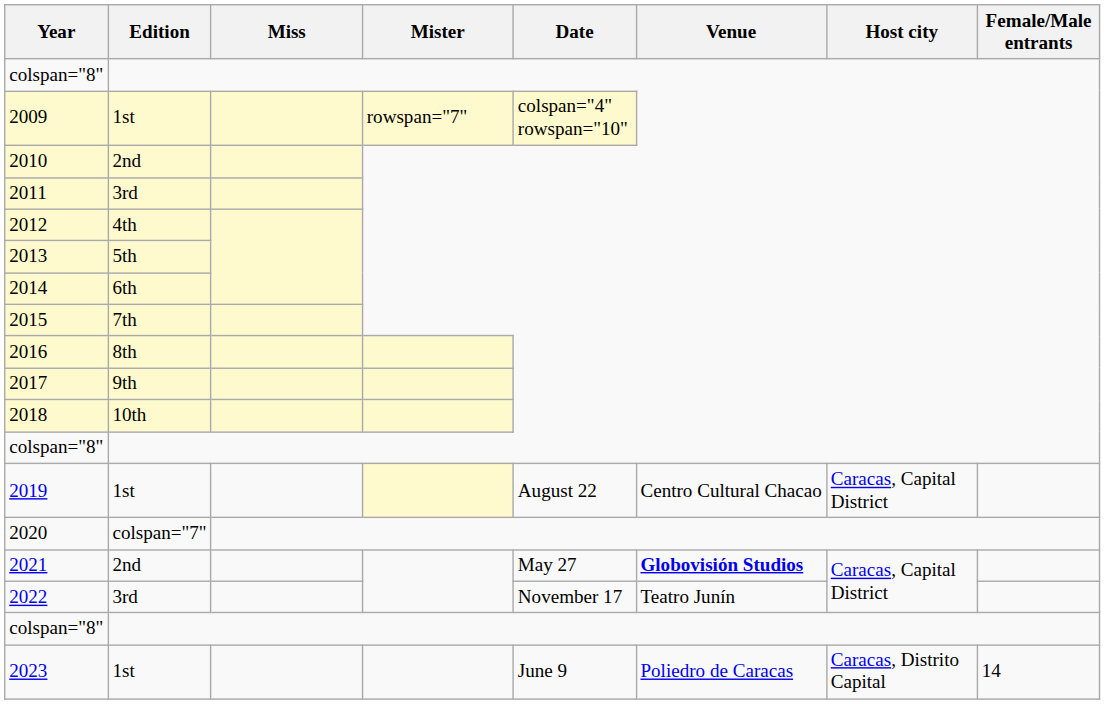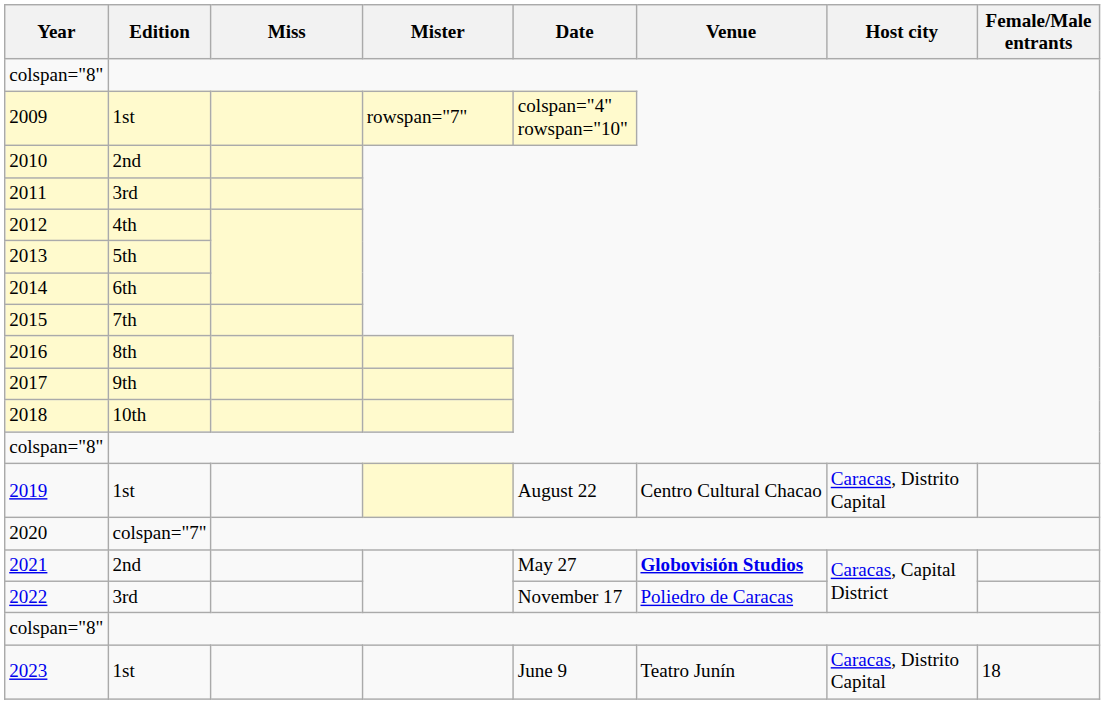 <table class="wikitable sortable" style="font-size: 84%;">
 <tr bgcolor="efefef">
 <th>Year</th>
 <th>Edition</th>
 <th width="100">Miss</th>
 <th width="100">Mister</th>
 <th width="80">Date</th>
 <th>Venue</th>
 <th width="100">Host city</th>
 <th width="80">Female/Male entrants</th>
 </tr>
 <tr>
 <td>colspan="8" </td>
 </tr>
 <tr bgcolor="FFFACD">
 <td>2009</td>
 <td>1st</td>
 <td></td>
 <td>rowspan="7" </td>
 <td>colspan="4" rowspan="10" </td>
 </tr>
 <tr bgcolor="FFFACD">
 <td>2010</td>
 <td>2nd</td>
 <td></td>
 </tr>
 <tr bgcolor="FFFACD">
 <td>2011</td>
 <td>3rd</td>
 <td></td>
 </tr>
 <tr bgcolor="FFFACD">
 <td>2012</td>
 <td>4th</td>
 <td rowspan="3"></td>
 </tr>
 <tr bgcolor="FFFACD">
 <td>2013</td>
 <td>5th</td>
 </tr>
 <tr bgcolor="FFFACD">
 <td>2014</td>
 <td>6th</td>
 </tr>
 <tr bgcolor="FFFACD">
 <td>2015</td>
 <td>7th</td>
 <td></td>
 </tr>
 <tr bgcolor="FFFACD">
 <td>2016</td>
 <td>8th</td>
 <td></td>
 <td></td>
 </tr>
 <tr bgcolor="FFFACD">
 <td>2017</td>
 <td>9th</td>
 <td></td>
 <td></td>
 </tr>
 <tr bgcolor="FFFACD">
 <td>2018</td>
 <td>10th</td>
 <td></td>
 <td></td>
 </tr>
 <tr>
 <td>colspan="8" </td>
 </tr>
 <tr>
 <td><a href='#'>2019</a></td>
 <td>1st</td>
 <td></td>
 <td bgcolor="FFFACD"></td>
 <td>August 22</td>
 <td>Centro Cultural Chacao</td>
-<td><a href='#'>Caracas</a>, Capital District</td>
+<td><a href='#'>Caracas</a>, Distrito Capital</td>
 <td></td>
 </tr>
 <tr>
 <td>2020</td>
 <td>colspan="7" </td>
 </tr>
 <tr>
 <td><a href='#'>2021</a></td>
 <td>2nd</td>
 <td></td>
 <td rowspan="2"></td>
 <td>May 27</td>
 <td><strong><a href='#'>Globovisión Studios</a></strong></td>
 <td rowspan="2"><a href='#'>Caracas</a>, Capital District</td>
 <td></td>
 </tr>
 <tr>
 <td><a href='#'>2022</a></td>
 <td>3rd</td>
 <td></td>
 <td>November 17</td>
-<td>Teatro Junín</td>
+<td><a href='#'>Poliedro de Caracas</a></td>
 <td></td>
 </tr>
 <tr>
 <td>colspan="8" </td>
 </tr>
 <tr>
 <td><a href='#'>2023</a></td>
 <td>1st</td>
 <td></td>
 <td></td>
 <td>June 9</td>
-<td><a href='#'>Poliedro de Caracas</a></td>
+<td>Teatro Junín</td>
 <td><a href='#'>Caracas</a>, Distrito Capital</td>
-<td>14</td>
+<td>18</td>
 </tr>
 </table>
